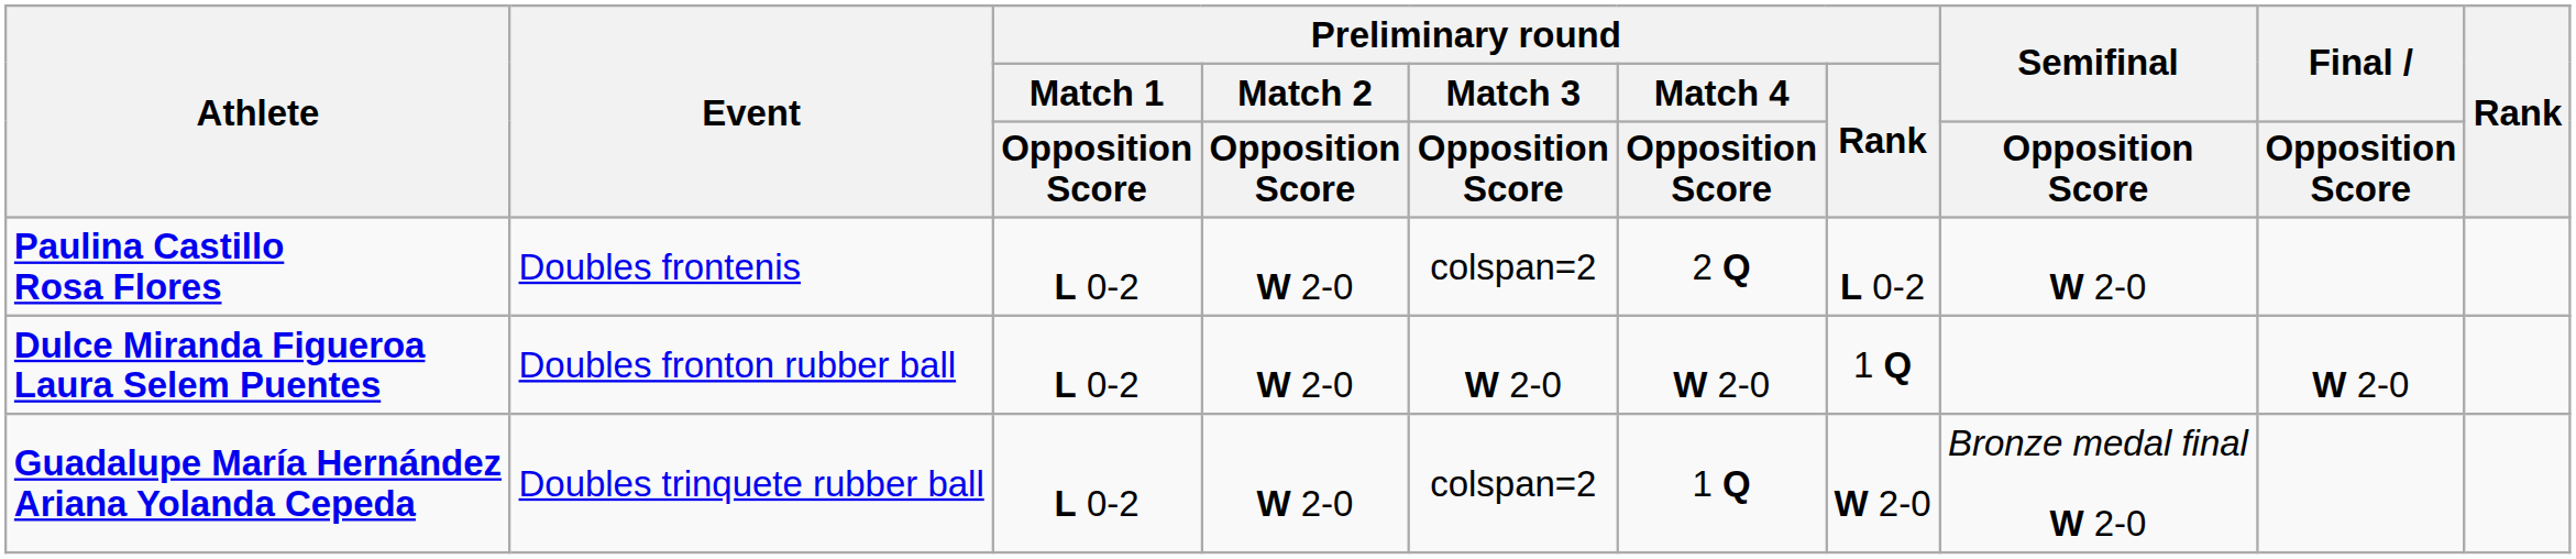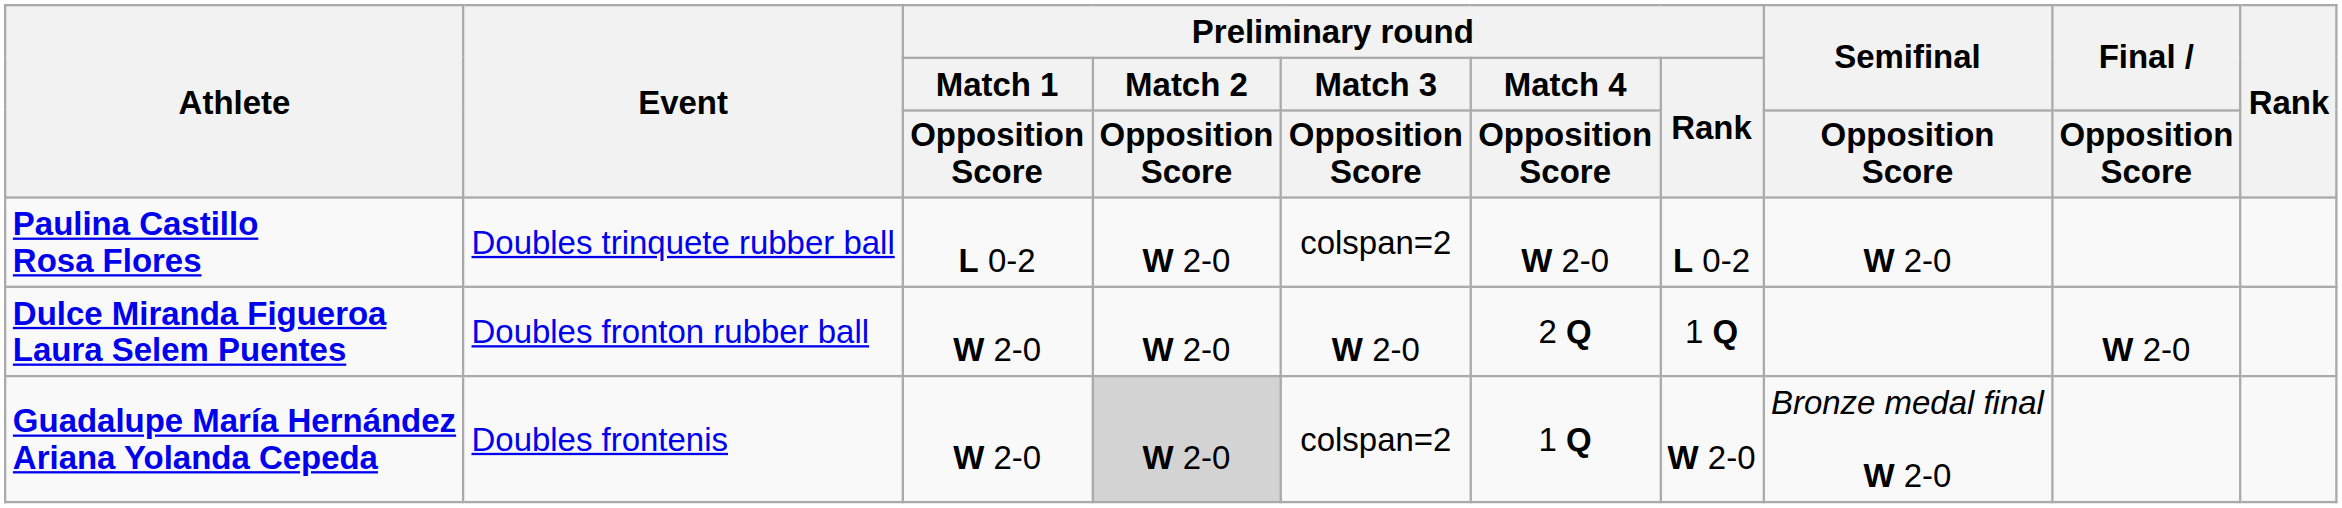 <table class="wikitable" border="1" style="font-size:90%">
 <tr>
 <th rowspan=3>Athlete</th>
 <th rowspan=3>Event</th>
 <th colspan=5>Preliminary round</th>
 <th rowspan=2>Semifinal</th>
 <th rowspan=2>Final / </th>
 <th rowspan=3>Rank</th>
 </tr>
 <tr>
 <th>Match 1</th>
 <th>Match 2</th>
 <th>Match 3</th>
 <th>Match 4</th>
 <th rowspan=2>Rank</th>
 </tr>
 <tr>
 <th>Opposition<br>Score</th>
 <th>Opposition<br>Score</th>
 <th>Opposition<br>Score</th>
 <th>Opposition<br>Score</th>
 <th>Opposition<br>Score</th>
 <th>Opposition<br>Score</th>
 </tr>
 <tr align=center>
 <td align=left><strong><a href='#'>Paulina Castillo</a><br><a href='#'>Rosa Flores</a></strong></td>
-<td align=left><a href='#'>Doubles frontenis</a></td>
+<td align=left><a href='#'>Doubles trinquete rubber ball</a></td>
 <td><br><strong>L</strong> 0-2</td>
 <td><br><strong>W</strong> 2-0</td>
 <td>colspan=2 </td>
-<td>2 <strong>Q</strong></td>
+<td><br><strong>W</strong> 2-0</td>
 <td><br><strong>L</strong> 0-2</td>
 <td><br><strong>W</strong> 2-0</td>
 <td></td>
 </tr>
 <tr align=center>
 <td align=left><strong><a href='#'>Dulce Miranda Figueroa</a><br><a href='#'>Laura Selem Puentes</a></strong></td>
 <td align=left><a href='#'>Doubles fronton rubber ball</a></td>
-<td><br><strong>L</strong> 0-2</td>
 <td><br><strong>W</strong> 2-0</td>
 <td><br><strong>W</strong> 2-0</td>
 <td><br><strong>W</strong> 2-0</td>
+<td>2 <strong>Q</strong></td>
 <td>1 <strong>Q</strong></td>
 <td></td>
 <td><br><strong>W</strong> 2-0</td>
 <td></td>
 </tr>
 <tr align=center>
 <td align=left><strong><a href='#'>Guadalupe María Hernández</a><br><a href='#'>Ariana Yolanda Cepeda</a></strong></td>
-<td align=left><a href='#'>Doubles trinquete rubber ball</a></td>
-<td><br><strong>L</strong> 0-2</td>
+<td align=left><a href='#'>Doubles frontenis</a></td>
 <td><br><strong>W</strong> 2-0</td>
+<td style="background: lightgrey;"><br><strong>W</strong> 2-0</td>
 <td>colspan=2 </td>
 <td>1 <strong>Q</strong></td>
 <td><br><strong>W</strong> 2-0</td>
 <td><em>Bronze medal final</em><br><br><strong>W</strong> 2-0</td>
 <td></td>
 </tr>
 </table>
